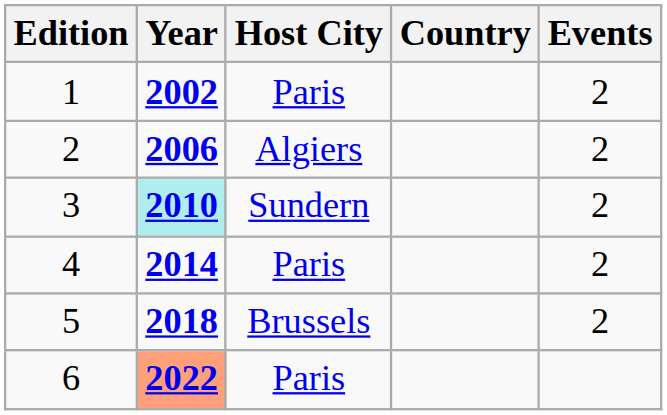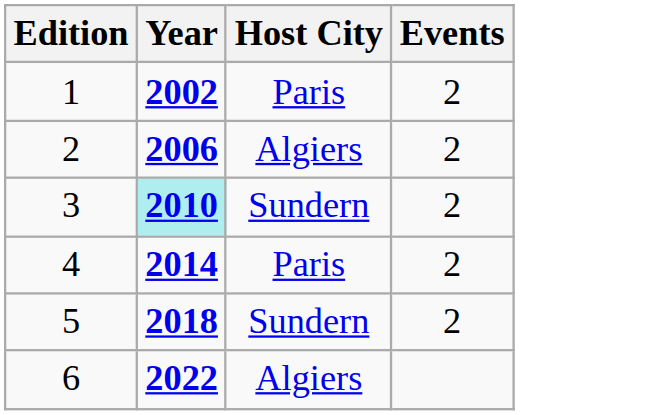 <table class="wikitable" style="text-align:center">
 <tr>
 <th>Edition</th>
 <th>Year</th>
 <th>Host City</th>
-<th>Country</th>
 <th>Events</th>
 </tr>
 <tr>
 <td>1</td>
 <td><strong><a href='#'>2002</a></strong></td>
 <td><a href='#'>Paris</a></td>
-<td align="left"></td>
 <td>2</td>
 </tr>
 <tr>
 <td>2</td>
 <td><strong><a href='#'>2006</a></strong></td>
 <td><a href='#'>Algiers</a></td>
-<td align="left"></td>
 <td>2</td>
 </tr>
 <tr>
 <td>3</td>
 <td style="background: paleturquoise;"><strong><a href='#'>2010</a></strong></td>
 <td><a href='#'>Sundern</a></td>
-<td align="left"></td>
 <td>2</td>
 </tr>
 <tr>
 <td>4</td>
 <td><strong><a href='#'>2014</a></strong></td>
 <td><a href='#'>Paris</a></td>
-<td align="left"></td>
 <td>2</td>
 </tr>
 <tr>
 <td>5</td>
 <td><strong><a href='#'>2018</a></strong></td>
-<td><a href='#'>Brussels</a></td>
-<td align="left"></td>
+<td><a href='#'>Sundern</a></td>
 <td>2</td>
 </tr>
 <tr>
 <td>6</td>
-<td style="background: lightsalmon;"><strong><a href='#'>2022</a></strong></td>
-<td><a href='#'>Paris</a></td>
-<td align="left"></td>
+<td><strong><a href='#'>2022</a></strong></td>
+<td><a href='#'>Algiers</a></td>
 <td></td>
 </tr>
 </table>
